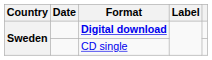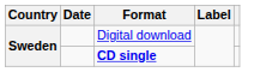 <table class="wikitable plainrowheaders">
 <tr>
 <th scope="col">Country</th>
 <th scope="col">Date</th>
 <th scope="col">Format</th>
 <th scope="col">Label</th>
 <th scope="col"></th>
 </tr>
 <tr>
 <th scope="row" rowspan="2">Sweden</th>
 <td></td>
-<td><strong><a href='#'>Digital download</a></strong></td>
+<td><a href='#'>Digital download</a></td>
 <td rowspan="2"></td>
 <td></td>
 </tr>
 <tr>
 <td></td>
-<td><a href='#'>CD single</a></td>
+<td><strong><a href='#'>CD single</a></strong></td>
 <td></td>
 </tr>
 </table>
